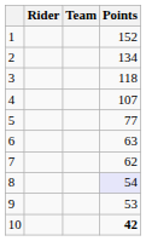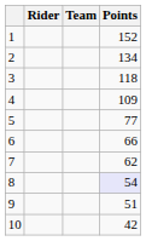 <table class="wikitable">
 <tr>
 <th></th>
 <th>Rider</th>
 <th>Team</th>
 <th>Points</th>
 </tr>
 <tr>
 <td>1</td>
 <td> </td>
 <td></td>
 <td align="right">152</td>
 </tr>
 <tr>
 <td>2</td>
 <td></td>
 <td></td>
 <td align="right">134</td>
 </tr>
 <tr>
 <td>3</td>
 <td></td>
 <td></td>
 <td align="right">118</td>
 </tr>
 <tr>
 <td>4</td>
 <td></td>
 <td></td>
-<td align="right">107</td>
+<td align="right">109</td>
 </tr>
 <tr>
 <td>5</td>
 <td></td>
 <td></td>
 <td align="right">77</td>
 </tr>
 <tr>
 <td>6</td>
 <td></td>
 <td></td>
-<td align="right">63</td>
+<td align="right">66</td>
 </tr>
 <tr>
 <td>7</td>
 <td></td>
 <td></td>
 <td align="right">62</td>
 </tr>
 <tr>
 <td>8</td>
 <td></td>
 <td></td>
 <td align="right" style="background: lavender;">54</td>
 </tr>
 <tr>
 <td>9</td>
 <td></td>
 <td></td>
-<td align="right">53</td>
+<td align="right">51</td>
 </tr>
 <tr>
 <td>10</td>
 <td></td>
 <td></td>
-<td align="right"><strong>42</strong></td>
+<td align="right">42</td>
 </tr>
 </table>
